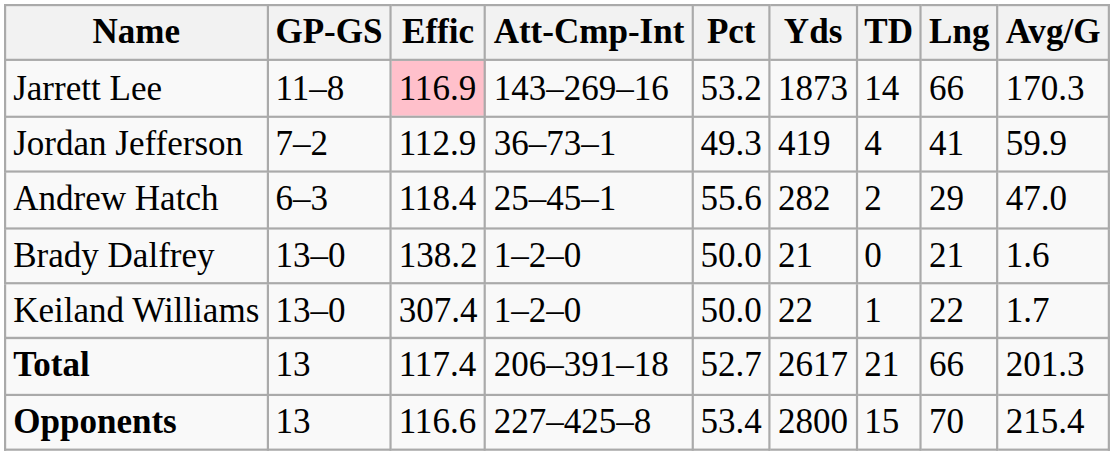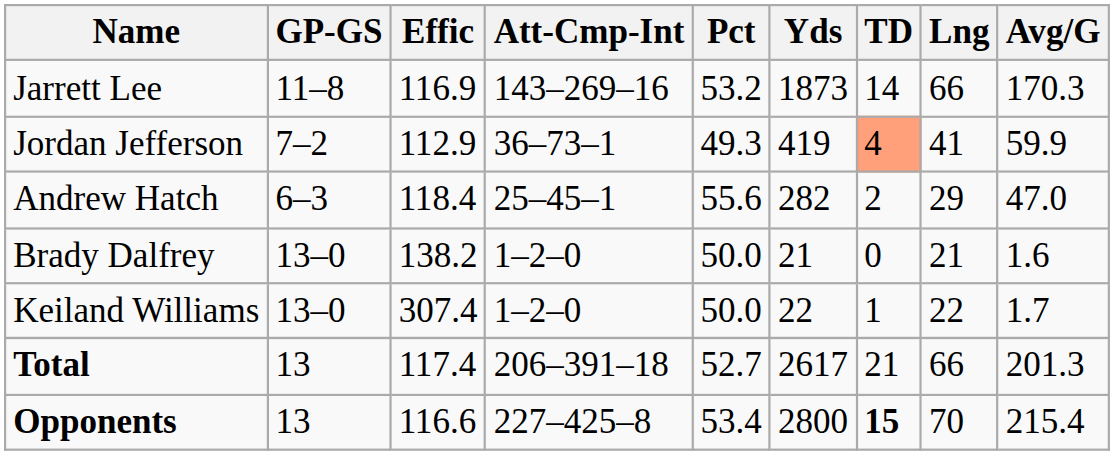 <table class="wikitable" style="white-space:nowrap;">
 <tr>
 <th>Name</th>
 <th>GP-GS</th>
 <th>Effic</th>
 <th>Att-Cmp-Int</th>
 <th>Pct</th>
 <th>Yds</th>
 <th>TD</th>
 <th>Lng</th>
 <th>Avg/G</th>
 </tr>
 <tr>
 <td>Jarrett Lee</td>
 <td>11–8</td>
-<td style="background: pink;">116.9</td>
+<td>116.9</td>
 <td>143–269–16</td>
 <td>53.2</td>
 <td>1873</td>
 <td>14</td>
 <td>66</td>
 <td>170.3</td>
 </tr>
 <tr>
 <td>Jordan Jefferson</td>
 <td>7–2</td>
 <td>112.9</td>
 <td>36–73–1</td>
 <td>49.3</td>
 <td>419</td>
-<td>4</td>
+<td style="background: lightsalmon;">4</td>
 <td>41</td>
 <td>59.9</td>
 </tr>
 <tr>
 <td>Andrew Hatch</td>
 <td>6–3</td>
 <td>118.4</td>
 <td>25–45–1</td>
 <td>55.6</td>
 <td>282</td>
 <td>2</td>
 <td>29</td>
 <td>47.0</td>
 </tr>
 <tr>
 <td>Brady Dalfrey</td>
 <td>13–0</td>
 <td>138.2</td>
 <td>1–2–0</td>
 <td>50.0</td>
 <td>21</td>
 <td>0</td>
 <td>21</td>
 <td>1.6</td>
 </tr>
 <tr>
 <td>Keiland Williams</td>
 <td>13–0</td>
 <td>307.4</td>
 <td>1–2–0</td>
 <td>50.0</td>
 <td>22</td>
 <td>1</td>
 <td>22</td>
 <td>1.7</td>
 </tr>
 <tr>
 </tr>
 <tr>
 <td><strong>Total</strong></td>
 <td>13</td>
 <td>117.4</td>
 <td>206–391–18</td>
 <td>52.7</td>
 <td>2617</td>
 <td>21</td>
 <td>66</td>
 <td>201.3</td>
 </tr>
 <tr>
 <td><strong>Opponents</strong></td>
 <td>13</td>
 <td>116.6</td>
 <td>227–425–8</td>
 <td>53.4</td>
 <td>2800</td>
-<td>15</td>
+<td><strong>15</strong></td>
 <td>70</td>
 <td>215.4</td>
 </tr>
 </table>
